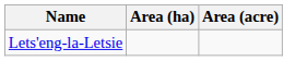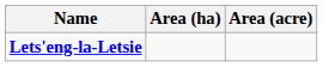 <table class="wikitable sortable">
 <tr>
 <th scope="col" align=left>Name</th>
 <th scope="col">Area (ha)</th>
 <th scope="col">Area (acre)</th>
 </tr>
 <tr ---->
-<td><a href='#'>Lets'eng-la-Letsie</a></td>
+<td><strong><a href='#'>Lets'eng-la-Letsie</a></strong></td>
 <td></td>
 </tr>
 </table>
